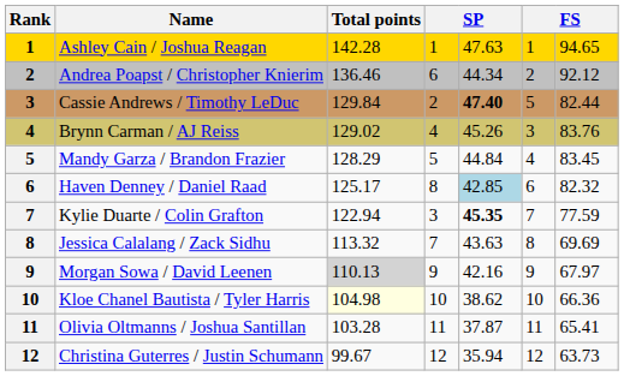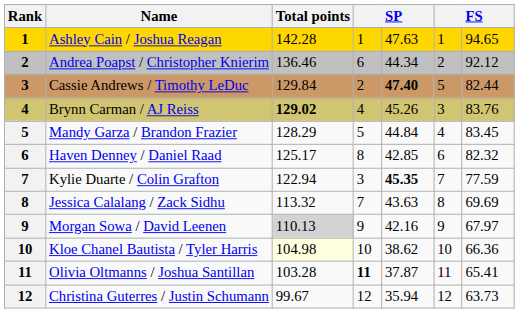 <table class="wikitable sortable">
 <tr>
 <th>Rank</th>
 <th>Name</th>
 <th>Total points</th>
 <th colspan="2" width="80px"><a href='#'>SP</a></th>
 <th colspan="2" width="80px"><a href='#'>FS</a></th>
 </tr>
 <tr bgcolor="gold">
 <td align="center"><strong>1</strong></td>
 <td><a href='#'>Ashley Cain</a> / <a href='#'>Joshua Reagan</a></td>
 <td>142.28</td>
 <td>1</td>
 <td>47.63</td>
 <td>1</td>
 <td>94.65</td>
 </tr>
 <tr bgcolor="silver">
 <td align="center"><strong>2</strong></td>
 <td><a href='#'>Andrea Poapst</a> / <a href='#'>Christopher Knierim</a></td>
 <td>136.46</td>
 <td>6</td>
 <td>44.34</td>
 <td>2</td>
 <td>92.12</td>
 </tr>
 <tr bgcolor="cc9966">
 <td align="center"><strong>3</strong></td>
 <td>Cassie Andrews / <a href='#'>Timothy LeDuc</a></td>
 <td>129.84</td>
 <td>2</td>
 <td><strong>47.40</strong></td>
 <td>5</td>
 <td>82.44</td>
 </tr>
 <tr bgcolor="#d1c571">
 <td align="center"><strong>4</strong></td>
 <td>Brynn Carman / <a href='#'>AJ Reiss</a></td>
-<td>129.02</td>
+<td><strong>129.02</strong></td>
 <td>4</td>
 <td>45.26</td>
 <td>3</td>
 <td>83.76</td>
 </tr>
 <tr>
 <th>5</th>
 <td><a href='#'>Mandy Garza</a> / <a href='#'>Brandon Frazier</a></td>
 <td>128.29</td>
 <td>5</td>
 <td>44.84</td>
 <td>4</td>
 <td>83.45</td>
 </tr>
 <tr>
 <th>6</th>
 <td><a href='#'>Haven Denney</a> / <a href='#'>Daniel Raad</a></td>
 <td>125.17</td>
 <td>8</td>
-<td style="background: lightblue;">42.85</td>
+<td>42.85</td>
 <td>6</td>
 <td>82.32</td>
 </tr>
 <tr>
 <th>7</th>
 <td>Kylie Duarte / <a href='#'>Colin Grafton</a></td>
 <td>122.94</td>
 <td>3</td>
 <td><strong>45.35</strong></td>
 <td>7</td>
 <td>77.59</td>
 </tr>
 <tr>
 <th>8</th>
 <td><a href='#'>Jessica Calalang</a> / <a href='#'>Zack Sidhu</a></td>
 <td>113.32</td>
 <td>7</td>
 <td>43.63</td>
 <td>8</td>
 <td>69.69</td>
 </tr>
 <tr>
 <th>9</th>
 <td><a href='#'>Morgan Sowa</a> / <a href='#'>David Leenen</a></td>
 <td style="background: lightgrey;">110.13</td>
 <td>9</td>
 <td>42.16</td>
 <td>9</td>
 <td>67.97</td>
 </tr>
 <tr>
 <th>10</th>
 <td><a href='#'>Kloe Chanel Bautista</a> / <a href='#'>Tyler Harris</a></td>
 <td style="background: lightyellow;">104.98</td>
 <td>10</td>
 <td>38.62</td>
 <td>10</td>
 <td>66.36</td>
 </tr>
 <tr>
 <th>11</th>
 <td><a href='#'>Olivia Oltmanns</a> / <a href='#'>Joshua Santillan</a></td>
 <td>103.28</td>
-<td>11</td>
+<td><strong>11</strong></td>
 <td>37.87</td>
 <td>11</td>
 <td>65.41</td>
 </tr>
 <tr>
 <th>12</th>
 <td><a href='#'>Christina Guterres</a> / <a href='#'>Justin Schumann</a></td>
 <td>99.67</td>
 <td>12</td>
 <td>35.94</td>
 <td>12</td>
 <td>63.73</td>
 </tr>
 </table>
